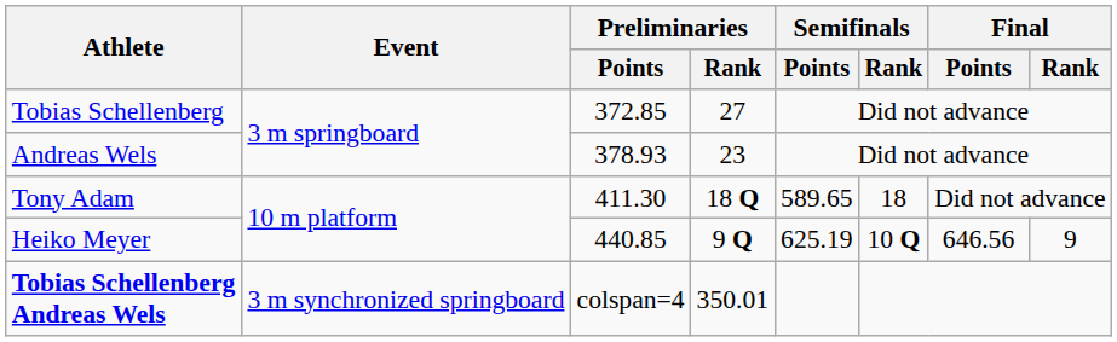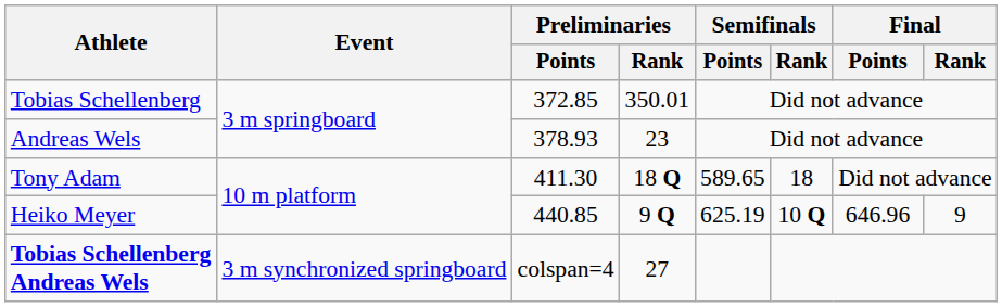 <table class=wikitable style="font-size:90%">
 <tr>
 <th rowspan="2">Athlete</th>
 <th rowspan="2">Event</th>
 <th colspan="2">Preliminaries</th>
 <th colspan="2">Semifinals</th>
 <th colspan="2">Final</th>
 </tr>
 <tr style="font-size:95%">
 <th>Points</th>
 <th>Rank</th>
 <th>Points</th>
 <th>Rank</th>
 <th>Points</th>
 <th>Rank</th>
 </tr>
 <tr align=center>
 <td align=left><a href='#'>Tobias Schellenberg</a></td>
 <td align=left rowspan=2><a href='#'>3 m springboard</a></td>
 <td>372.85</td>
-<td>27</td>
+<td>350.01</td>
 <td colspan=4>Did not advance</td>
 </tr>
 <tr align=center>
 <td align=left><a href='#'>Andreas Wels</a></td>
 <td>378.93</td>
 <td>23</td>
 <td colspan=4>Did not advance</td>
 </tr>
 <tr align=center>
 <td align=left><a href='#'>Tony Adam</a></td>
 <td align=left rowspan=2><a href='#'>10 m platform</a></td>
 <td>411.30</td>
 <td>18 <strong>Q</strong></td>
 <td>589.65</td>
 <td>18</td>
 <td colspan=2>Did not advance</td>
 </tr>
 <tr align=center>
 <td align=left><a href='#'>Heiko Meyer</a></td>
 <td>440.85</td>
 <td>9 <strong>Q</strong></td>
 <td>625.19</td>
 <td>10 <strong>Q</strong></td>
-<td>646.56</td>
+<td>646.96</td>
 <td>9</td>
 </tr>
 <tr align=center>
 <td align=left><strong><a href='#'>Tobias Schellenberg</a><br><a href='#'>Andreas Wels</a></strong></td>
 <td align=left><a href='#'>3 m synchronized springboard</a></td>
 <td>colspan=4 </td>
-<td>350.01</td>
+<td>27</td>
 <td></td>
 </tr>
 </table>
